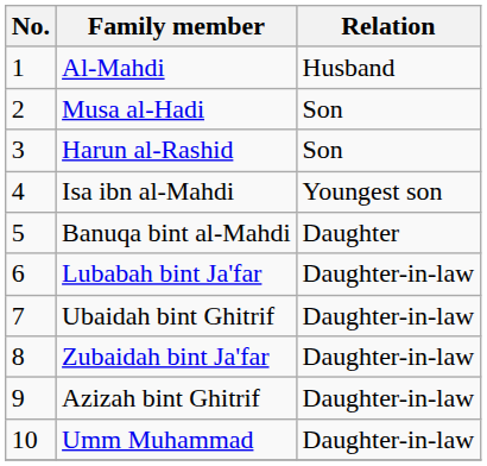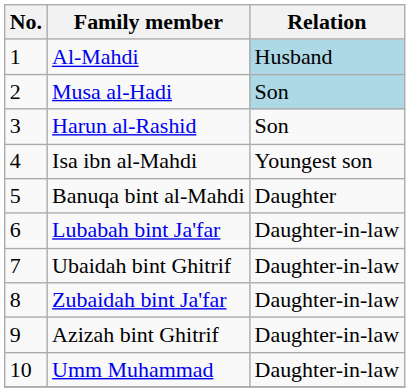 <table class="wikitable" border="2">
 <tr>
 <th>No.</th>
 <th>Family member</th>
 <th>Relation</th>
 </tr>
 <tr>
 <td>1</td>
 <td><a href='#'>Al-Mahdi</a></td>
-<td>Husband</td>
+<td style="background: lightblue;">Husband</td>
 </tr>
 <tr>
 <td>2</td>
 <td><a href='#'>Musa al-Hadi</a></td>
-<td>Son</td>
+<td style="background: lightblue;">Son</td>
 </tr>
 <tr>
 <td>3</td>
 <td><a href='#'>Harun al-Rashid</a></td>
 <td>Son</td>
 </tr>
 <tr>
 <td>4</td>
 <td>Isa ibn al-Mahdi</td>
 <td>Youngest son</td>
 </tr>
 <tr>
 <td>5</td>
 <td>Banuqa bint al-Mahdi</td>
 <td>Daughter</td>
 </tr>
 <tr>
 <td>6</td>
 <td><a href='#'>Lubabah bint Ja'far</a></td>
 <td>Daughter-in-law</td>
 </tr>
 <tr>
 <td>7</td>
 <td>Ubaidah bint Ghitrif</td>
 <td>Daughter-in-law</td>
 </tr>
 <tr>
 <td>8</td>
 <td><a href='#'>Zubaidah bint Ja'far</a></td>
 <td>Daughter-in-law</td>
 </tr>
 <tr>
 <td>9</td>
 <td>Azizah bint Ghitrif</td>
 <td>Daughter-in-law</td>
 </tr>
 <tr>
 <td>10</td>
 <td><a href='#'>Umm Muhammad</a></td>
 <td>Daughter-in-law</td>
 </tr>
 <tr>
 </tr>
 </table>
